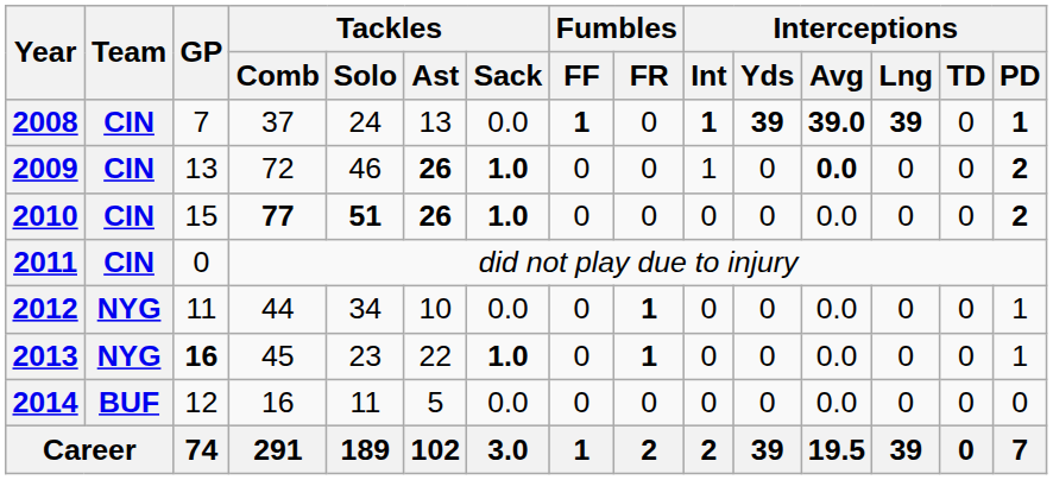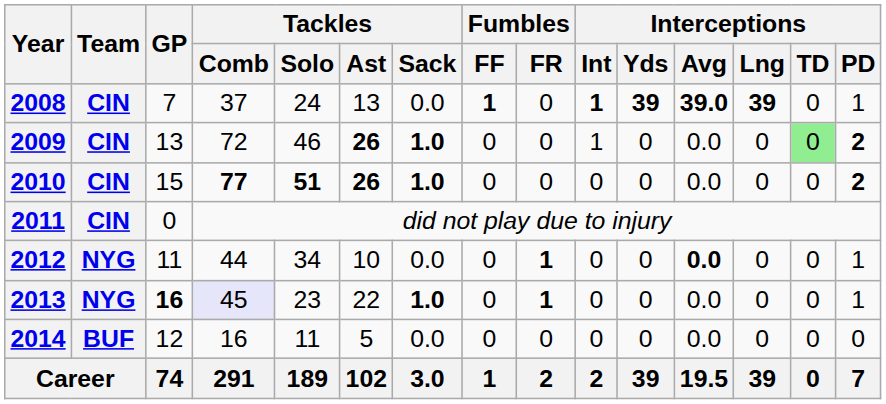 <table class="wikitable" style="text-align:center">
 <tr>
 <th rowspan="2">Year</th>
 <th rowspan="2">Team</th>
 <th rowspan="2">GP</th>
 <th colspan="4">Tackles</th>
 <th colspan="2">Fumbles</th>
 <th colspan="6">Interceptions</th>
 </tr>
 <tr>
 <th>Comb</th>
 <th>Solo</th>
 <th>Ast</th>
 <th>Sack</th>
 <th>FF</th>
 <th>FR</th>
 <th>Int</th>
 <th>Yds</th>
 <th>Avg</th>
 <th>Lng</th>
 <th>TD</th>
 <th>PD</th>
 </tr>
 <tr>
 <th><a href='#'>2008</a></th>
 <th><a href='#'>CIN</a></th>
 <td>7</td>
 <td>37</td>
 <td>24</td>
 <td>13</td>
 <td>0.0</td>
 <td><strong>1</strong></td>
 <td>0</td>
 <td><strong>1</strong></td>
 <td><strong>39</strong></td>
 <td><strong>39.0</strong></td>
 <td><strong>39</strong></td>
 <td>0</td>
-<td><strong>1</strong></td>
+<td>1</td>
 </tr>
 <tr>
 <th><a href='#'>2009</a></th>
 <th><a href='#'>CIN</a></th>
 <td>13</td>
 <td>72</td>
 <td>46</td>
 <td><strong>26</strong></td>
 <td><strong>1.0</strong></td>
 <td>0</td>
 <td>0</td>
 <td>1</td>
 <td>0</td>
-<td><strong>0.0</strong></td>
+<td>0.0</td>
 <td>0</td>
-<td>0</td>
+<td style="background: lightgreen;">0</td>
 <td><strong>2</strong></td>
 </tr>
 <tr>
 <th><a href='#'>2010</a></th>
 <th><a href='#'>CIN</a></th>
 <td>15</td>
 <td><strong>77</strong></td>
 <td><strong>51</strong></td>
 <td><strong>26</strong></td>
 <td><strong>1.0</strong></td>
 <td>0</td>
 <td>0</td>
 <td>0</td>
 <td>0</td>
 <td>0.0</td>
 <td>0</td>
 <td>0</td>
 <td><strong>2</strong></td>
 </tr>
 <tr>
 <th><a href='#'>2011</a></th>
 <th><a href='#'>CIN</a></th>
 <td>0</td>
 <td colspan="12"><em>did not play due to injury</em></td>
 </tr>
 <tr>
 <th><a href='#'>2012</a></th>
 <th><a href='#'>NYG</a></th>
 <td>11</td>
 <td>44</td>
 <td>34</td>
 <td>10</td>
 <td>0.0</td>
 <td>0</td>
 <td><strong>1</strong></td>
 <td>0</td>
 <td>0</td>
-<td>0.0</td>
+<td><strong>0.0</strong></td>
 <td>0</td>
 <td>0</td>
 <td>1</td>
 </tr>
 <tr>
 <th><a href='#'>2013</a></th>
 <th><a href='#'>NYG</a></th>
 <td><strong>16</strong></td>
-<td>45</td>
+<td style="background: lavender;">45</td>
 <td>23</td>
 <td>22</td>
 <td><strong>1.0</strong></td>
 <td>0</td>
 <td><strong>1</strong></td>
 <td>0</td>
 <td>0</td>
 <td>0.0</td>
 <td>0</td>
 <td>0</td>
 <td>1</td>
 </tr>
 <tr>
 <th><a href='#'>2014</a></th>
 <th><a href='#'>BUF</a></th>
 <td>12</td>
 <td>16</td>
 <td>11</td>
 <td>5</td>
 <td>0.0</td>
 <td>0</td>
 <td>0</td>
 <td>0</td>
 <td>0</td>
 <td>0.0</td>
 <td>0</td>
 <td>0</td>
 <td>0</td>
 </tr>
 <tr>
 <th colspan="2">Career</th>
 <th>74</th>
 <th>291</th>
 <th>189</th>
 <th>102</th>
 <th>3.0</th>
 <th>1</th>
 <th>2</th>
 <th>2</th>
 <th>39</th>
 <th>19.5</th>
 <th>39</th>
 <th>0</th>
 <th>7</th>
 </tr>
 </table>
